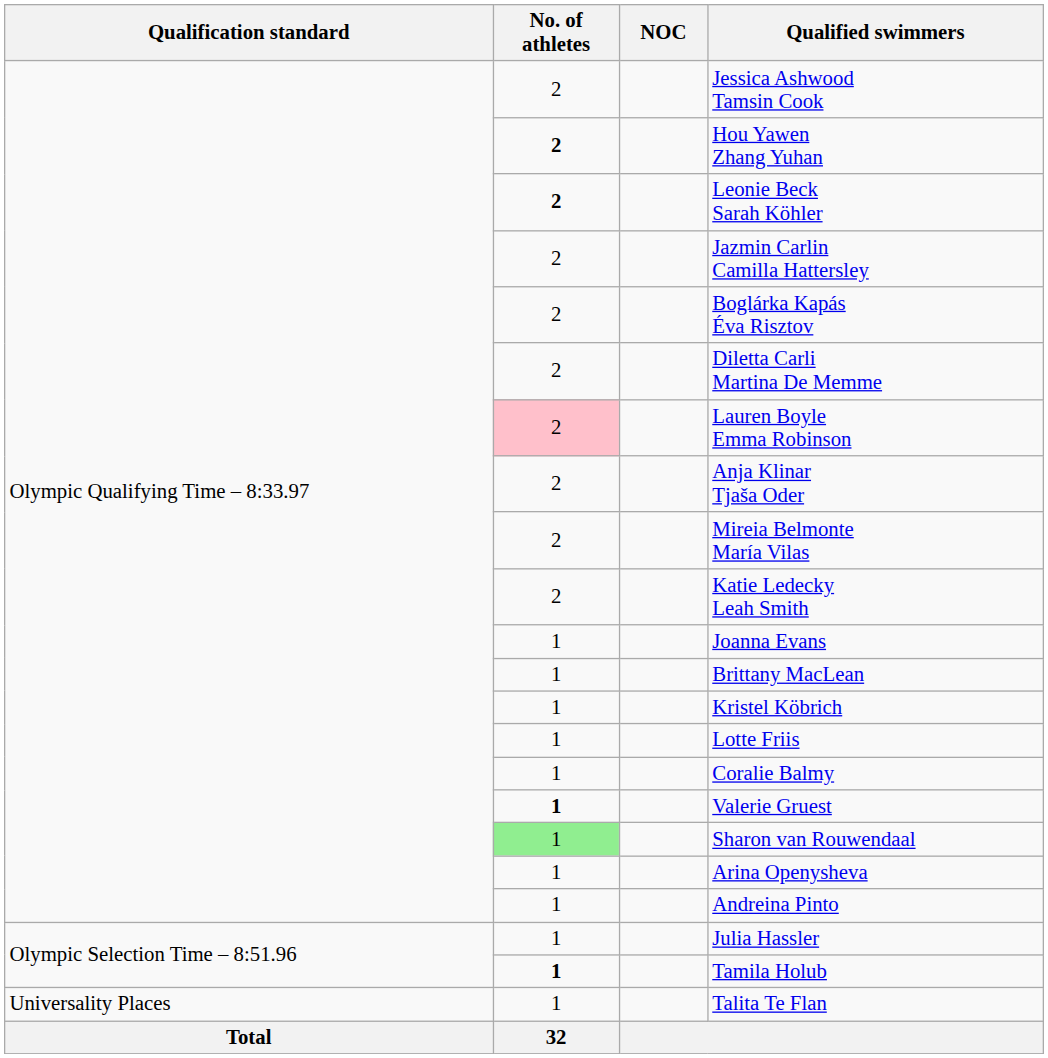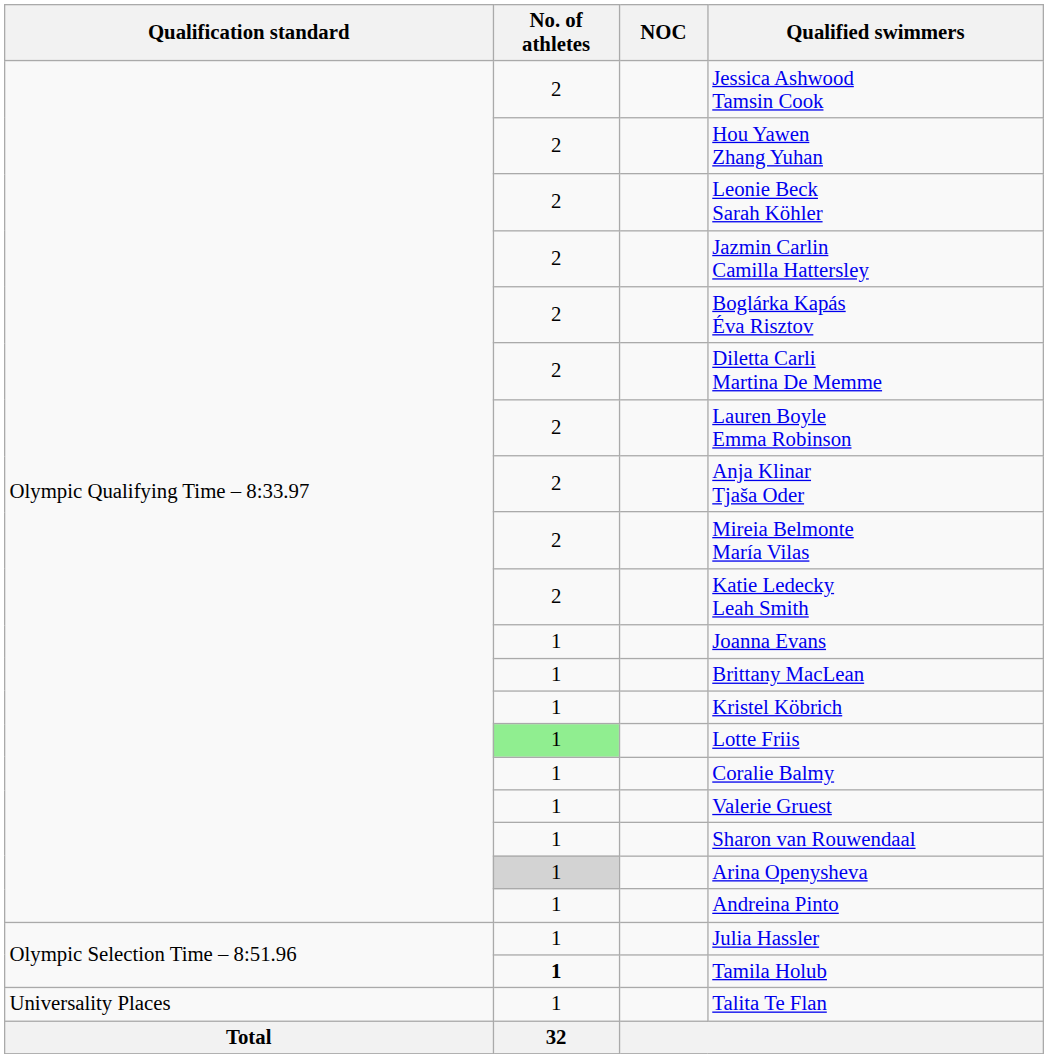 <table class=wikitable style="text-align:left" width=800>
 <tr>
 <th>Qualification standard</th>
 <th width=90>No. of athletes</th>
 <th>NOC</th>
 <th>Qualified swimmers</th>
 </tr>
 <tr>
 <td rowspan=19>Olympic Qualifying Time – 8:33.97</td>
 <td align=center>2</td>
 <td></td>
 <td><a href='#'>Jessica Ashwood</a><br><a href='#'>Tamsin Cook</a></td>
 </tr>
 <tr>
-<td align=center><strong>2</strong></td>
+<td align=center>2</td>
 <td></td>
 <td><a href='#'>Hou Yawen</a><br><a href='#'>Zhang Yuhan</a></td>
 </tr>
 <tr>
-<td align=center><strong>2</strong></td>
+<td align=center>2</td>
 <td></td>
 <td><a href='#'>Leonie Beck</a><br><a href='#'>Sarah Köhler</a></td>
 </tr>
 <tr>
 <td align=center>2</td>
 <td></td>
 <td><a href='#'>Jazmin Carlin</a><br><a href='#'>Camilla Hattersley</a></td>
 </tr>
 <tr>
 <td align=center>2</td>
 <td></td>
 <td><a href='#'>Boglárka Kapás</a><br><a href='#'>Éva Risztov</a></td>
 </tr>
 <tr>
 <td align=center>2</td>
 <td></td>
 <td><a href='#'>Diletta Carli</a><br><a href='#'>Martina De Memme</a></td>
 </tr>
 <tr>
-<td align=center style="background: pink;">2</td>
+<td align=center>2</td>
 <td></td>
 <td><a href='#'>Lauren Boyle</a><br><a href='#'>Emma Robinson</a></td>
 </tr>
 <tr>
 <td align=center>2</td>
 <td></td>
 <td><a href='#'>Anja Klinar</a><br><a href='#'>Tjaša Oder</a></td>
 </tr>
 <tr>
 <td align=center>2</td>
 <td></td>
 <td><a href='#'>Mireia Belmonte</a><br><a href='#'>María Vilas</a></td>
 </tr>
 <tr>
 <td align=center>2</td>
 <td></td>
 <td><a href='#'>Katie Ledecky</a><br><a href='#'>Leah Smith</a></td>
 </tr>
 <tr>
 <td align=center>1</td>
 <td></td>
 <td><a href='#'>Joanna Evans</a></td>
 </tr>
 <tr>
 <td align=center>1</td>
 <td></td>
 <td><a href='#'>Brittany MacLean</a></td>
 </tr>
 <tr>
 <td align=center>1</td>
 <td></td>
 <td><a href='#'>Kristel Köbrich</a></td>
 </tr>
 <tr>
-<td align=center>1</td>
+<td align=center style="background: lightgreen;">1</td>
 <td></td>
 <td><a href='#'>Lotte Friis</a></td>
 </tr>
 <tr>
 <td align=center>1</td>
 <td></td>
 <td><a href='#'>Coralie Balmy</a></td>
 </tr>
 <tr>
-<td align=center><strong>1</strong></td>
+<td align=center>1</td>
 <td></td>
 <td><a href='#'>Valerie Gruest</a></td>
 </tr>
 <tr>
-<td align=center style="background: lightgreen;">1</td>
+<td align=center>1</td>
 <td></td>
 <td><a href='#'>Sharon van Rouwendaal</a></td>
 </tr>
 <tr>
-<td align=center>1</td>
+<td align=center style="background: lightgrey;">1</td>
 <td></td>
 <td><a href='#'>Arina Openysheva</a></td>
 </tr>
 <tr>
 <td align=center>1</td>
 <td></td>
 <td><a href='#'>Andreina Pinto</a></td>
 </tr>
 <tr>
 <td rowspan=2>Olympic Selection Time – 8:51.96</td>
 <td align=center>1</td>
 <td></td>
 <td><a href='#'>Julia Hassler</a></td>
 </tr>
 <tr>
 <td align=center><strong>1</strong></td>
 <td></td>
 <td><a href='#'>Tamila Holub</a></td>
 </tr>
 <tr>
 <td>Universality Places</td>
 <td align=center>1</td>
 <td></td>
 <td><a href='#'>Talita Te Flan</a></td>
 </tr>
 <tr>
 <th><strong>Total</strong></th>
 <th>32</th>
 <th colspan=2></th>
 </tr>
 </table>
